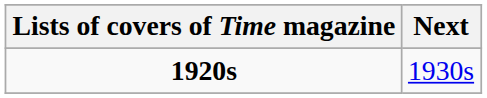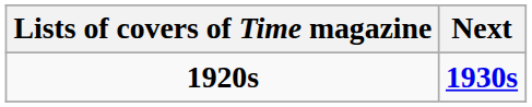 <table class="wikitable" style="margin: 0 auto;">
 <tr>
 <th>Lists of covers of <em>Time</em> magazine</th>
 <th>Next</th>
 </tr>
 <tr>
 <td style="text-align:center;"><strong>1920s</strong></td>
-<td style="text-align:center;"><a href='#'>1930s</a></td>
+<td style="text-align:center;"><strong><a href='#'>1930s</a></strong></td>
 </tr>
 </table>
